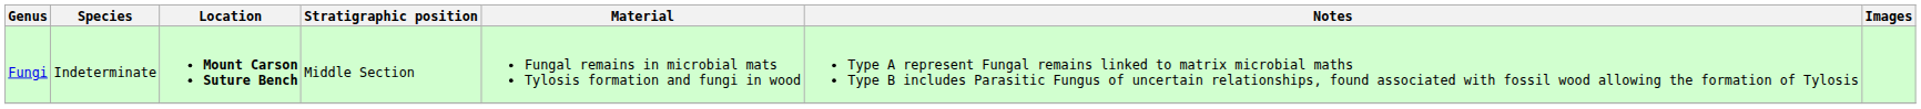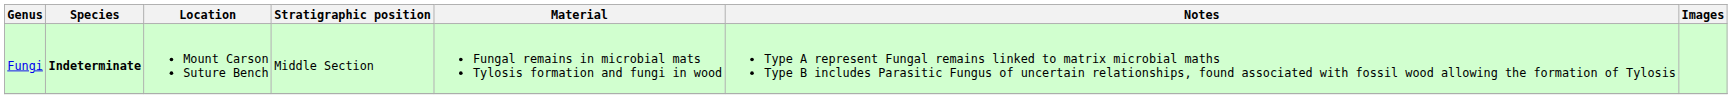 <table class="wikitable sortable">
 <tr>
 <th>Genus</th>
 <th>Species</th>
 <th>Location</th>
 <th>Stratigraphic position</th>
 <th>Material</th>
 <th>Notes</th>
 <th>Images</th>
 </tr>
 <tr>
 <td style="background:#D1FFCF;"><br><a href='#'>Fungi</a></td>
-<td style="background:#D1FFCF;"><br>Indeterminate</td>
-<td style="background:#D1FFCF;"><strong><br><ul><li>Mount Carson</li><li>Suture Bench</li></ul></strong></td>
+<td style="background:#D1FFCF;"><strong><br>Indeterminate</strong></td>
+<td style="background:#D1FFCF;"><br><ul><li>Mount Carson</li><li>Suture Bench</li></ul></td>
 <td style="background:#D1FFCF;"><br>Middle Section</td>
 <td style="background:#D1FFCF;"><br><ul><li>Fungal remains in microbial mats</li><li>Tylosis formation and fungi in wood</li></ul></td>
 <td style="background:#D1FFCF;"><br><ul><li>Type A represent Fungal remains linked to matrix microbial maths</li><li>Type B includes Parasitic Fungus of uncertain relationships, found associated with fossil wood allowing the formation of Tylosis</li></ul></td>
 <td style="background:#D1FFCF;"></td>
 </tr>
 <tr>
 </tr>
 </table>
